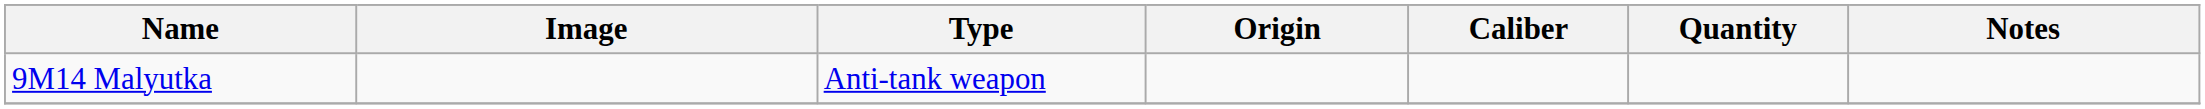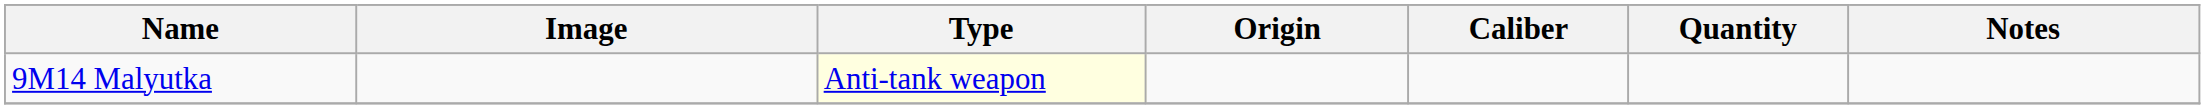 <table class="wikitable" style="width:90%;">
 <tr>
 <th width=16%>Name</th>
 <th width=21%>Image</th>
 <th width=15%>Type</th>
 <th width=12%>Origin</th>
 <th width=10%>Caliber</th>
 <th width=10%>Quantity</th>
 <th width=26%>Notes</th>
 </tr>
 <tr>
 <td><a href='#'>9M14 Malyutka</a></td>
 <td></td>
-<td><a href='#'>Anti-tank weapon</a></td>
+<td style="background: lightyellow;"><a href='#'>Anti-tank weapon</a></td>
 <td></td>
 <td></td>
 <td></td>
 <td></td>
 </tr>
 <tr>
 </tr>
 </table>
